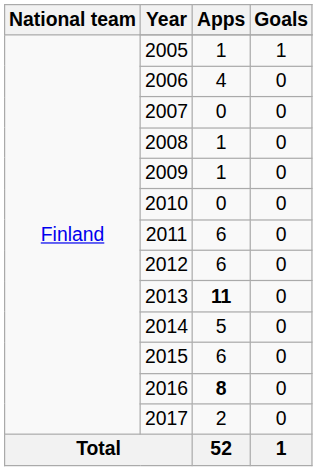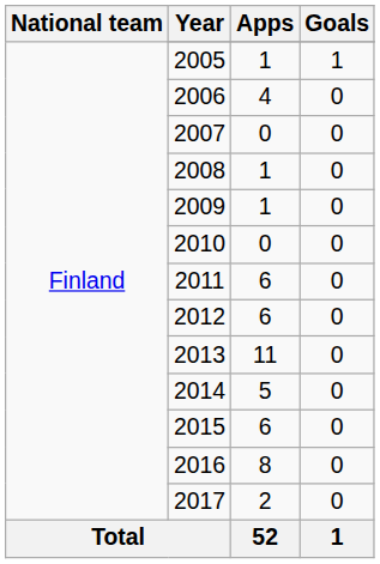 <table class="wikitable" style="text-align:center">
 <tr>
 <th>National team</th>
 <th>Year</th>
 <th>Apps</th>
 <th>Goals</th>
 </tr>
 <tr>
 <td rowspan="14"><a href='#'>Finland</a></td>
 </tr>
 <tr>
 <td>2005</td>
 <td>1</td>
 <td>1</td>
 </tr>
 <tr>
 <td>2006</td>
 <td>4</td>
 <td>0</td>
 </tr>
 <tr>
 <td>2007</td>
 <td>0</td>
 <td>0</td>
 </tr>
 <tr>
 <td>2008</td>
 <td>1</td>
 <td>0</td>
 </tr>
 <tr>
 <td>2009</td>
 <td>1</td>
 <td>0</td>
 </tr>
 <tr>
 <td>2010</td>
 <td>0</td>
 <td>0</td>
 </tr>
 <tr>
 <td>2011</td>
 <td>6</td>
 <td>0</td>
 </tr>
 <tr>
 <td>2012</td>
 <td>6</td>
 <td>0</td>
 </tr>
 <tr>
 <td>2013</td>
-<td><strong>11</strong></td>
+<td>11</td>
 <td>0</td>
 </tr>
 <tr>
 <td>2014</td>
 <td>5</td>
 <td>0</td>
 </tr>
 <tr>
 <td>2015</td>
 <td>6</td>
 <td>0</td>
 </tr>
 <tr>
 <td>2016</td>
-<td><strong>8</strong></td>
+<td>8</td>
 <td>0</td>
 </tr>
 <tr>
 <td>2017</td>
 <td>2</td>
 <td>0</td>
 </tr>
 <tr>
 <th colspan=2>Total</th>
 <th>52</th>
 <th>1</th>
 </tr>
 </table>
